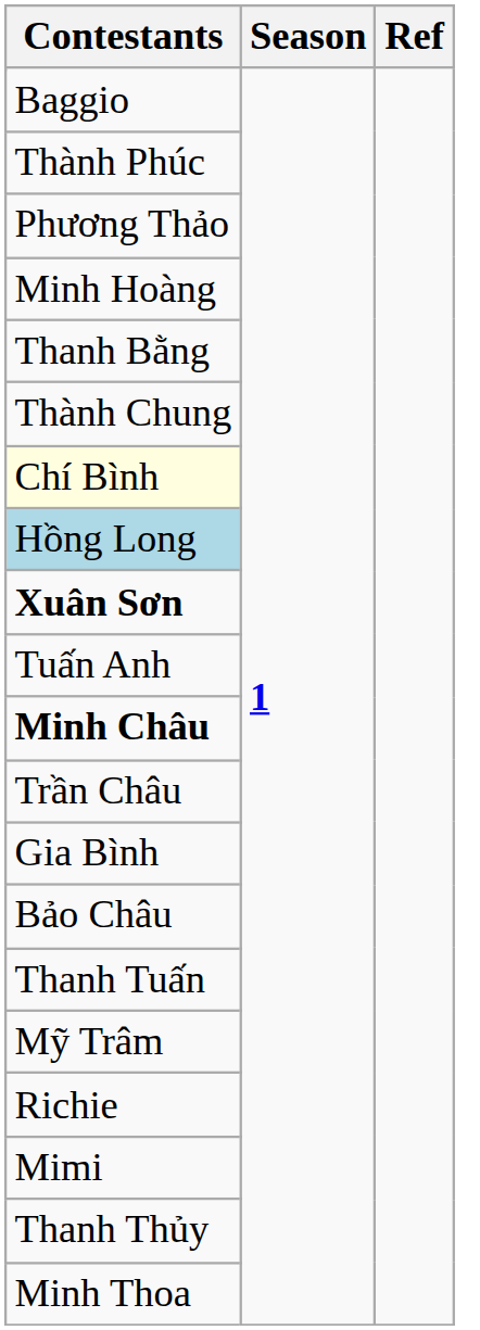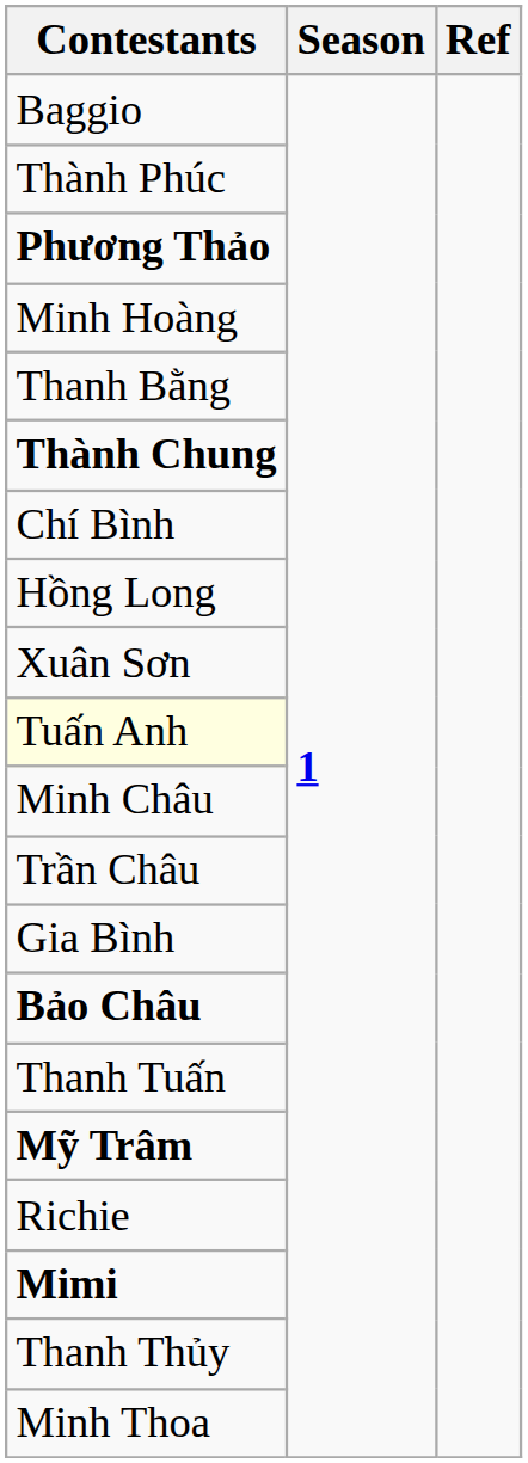 <table class="wikitable">
 <tr>
 <th rowspan="2">Contestants</th>
 <th>Season</th>
 <th><strong>Ref</strong></th>
 </tr>
 <tr>
 <td rowspan="21"><a href='#'><strong>1</strong></a></td>
 <td rowspan="21"></td>
 </tr>
 <tr>
 <td>Baggio</td>
 </tr>
 <tr>
 <td>Thành Phúc</td>
 </tr>
 <tr>
-<td>Phương Thảo</td>
+<td><strong>Phương Thảo</strong></td>
 </tr>
 <tr>
 <td>Minh Hoàng</td>
 </tr>
 <tr>
 <td>Thanh Bằng</td>
 </tr>
 <tr>
-<td>Thành Chung</td>
+<td><strong>Thành Chung</strong></td>
 </tr>
 <tr>
-<td style="background: lightyellow;">Chí Bình</td>
+<td>Chí Bình</td>
 </tr>
 <tr>
-<td style="background: lightblue;">Hồng Long</td>
+<td>Hồng Long</td>
 </tr>
 <tr>
-<td><strong>Xuân Sơn</strong></td>
+<td>Xuân Sơn</td>
 </tr>
 <tr>
-<td>Tuấn Anh</td>
+<td style="background: lightyellow;">Tuấn Anh</td>
 </tr>
 <tr>
-<td><strong>Minh Châu</strong></td>
+<td>Minh Châu</td>
 </tr>
 <tr>
 <td>Trần Châu</td>
 </tr>
 <tr>
 <td>Gia Bình</td>
 </tr>
 <tr>
-<td>Bảo Châu</td>
+<td><strong>Bảo Châu</strong></td>
 </tr>
 <tr>
 <td>Thanh Tuấn</td>
 </tr>
 <tr>
-<td>Mỹ Trâm</td>
+<td><strong>Mỹ Trâm</strong></td>
 </tr>
 <tr>
 <td>Richie</td>
 </tr>
 <tr>
-<td>Mimi</td>
+<td><strong>Mimi</strong></td>
 </tr>
 <tr>
 <td>Thanh Thủy</td>
 </tr>
 <tr>
 <td>Minh Thoa</td>
 </tr>
 </table>
